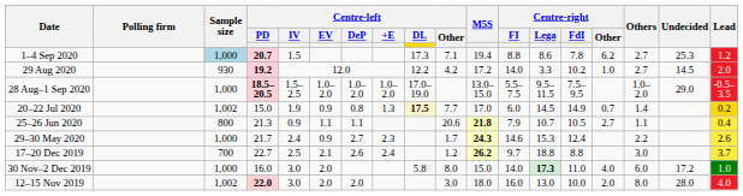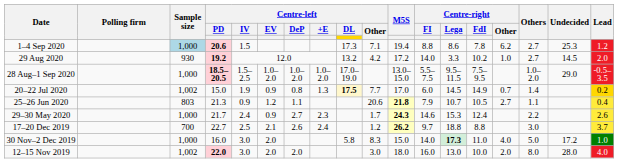 <table class="wikitable collapsible collapsed" style="text-align:center;font-size:85%;line-height:13px">
 <tr style="height:30px; background-color:#E9E9E9">
 <th rowspan="3" style="width:110px;">Date</th>
 <th rowspan="3" style="width:140px;">Polling firm</th>
 <th rowspan="3" style="width:50px;">Sample size</th>
 <th colspan="7" style="width:35px;"><a href='#'>Centre-left</a></th>
 <th rowspan="2" style="width:35px;"><a href='#'>M5S</a></th>
 <th colspan="4" style="width:35px;"><a href='#'>Centre-right</a></th>
 <th rowspan="3" style="width:35px;">Others</th>
 <th rowspan="3" style="width:35px;">Undecided</th>
 <th rowspan="3" style="width:25px;">Lead</th>
 </tr>
 <tr>
 <th style="width:35px;"><a href='#'>PD</a></th>
 <th style="width:35px;"><a href='#'>IV</a></th>
 <th style="width:35px;"><a href='#'>EV</a></th>
 <th style="width:35px;"><a href='#'>DeP</a></th>
 <th style="width:35px;"><a href='#'>+E</a></th>
 <th style="width:35px;"><a href='#'>DL</a></th>
 <th rowspan="2" style="width:35px;">Other</th>
 <th style="width:35px;"><a href='#'>FI</a></th>
 <th style="width:35px;"><a href='#'>Lega</a></th>
 <th style="width:35px;"><a href='#'>FdI</a></th>
 <th rowspan="2" style="width:35px;">Other</th>
 </tr>
 <tr>
 <th style="background:"></th>
 <th style="background:"></th>
 <th style="background:"></th>
 <th style="background:"></th>
 <th style="background:"></th>
 <th style="background:#FFD700;"></th>
 <th style="background:"></th>
 <th style="background:"></th>
 <th style="background:"></th>
 <th style="background:"></th>
 </tr>
 <tr>
 <td>1–4 Sep 2020</td>
 <td></td>
 <td style="background: lightblue;">1,000</td>
-<td style="background:#FFD0D7"><strong>20.7</strong></td>
+<td style="background:#FFD0D7"><strong>20.6</strong></td>
 <td>1.5</td>
 <td></td>
 <td></td>
 <td></td>
 <td>17.3</td>
 <td>7.1</td>
 <td>19.4</td>
 <td>8.8</td>
 <td>8.6</td>
 <td>7.8</td>
 <td>6.2</td>
 <td>2.7</td>
 <td>25.3</td>
 <td style="background:#EF1C27; color:white;">1.2</td>
 </tr>
 <tr>
 <td>29 Aug 2020</td>
 <td></td>
 <td>930</td>
 <td style="background:#FFD0D7"><strong>19.2</strong></td>
 <td colspan="4">12.0</td>
-<td>12.2</td>
+<td>13.2</td>
 <td>4.2</td>
 <td>17.2</td>
 <td>14.0</td>
 <td>3.3</td>
 <td>10.2</td>
 <td>1.0</td>
 <td>2.7</td>
 <td>14.5</td>
 <td style="background:#EF1C27; color:white;">2.0</td>
 </tr>
 <tr>
 <td>28 Aug–1 Sep 2020</td>
 <td></td>
 <td>1,000</td>
 <td style="background:#FFD0D7"><strong>18.5–20.5</strong></td>
 <td>1.5–2.5</td>
 <td>1.0–2.0</td>
 <td>1.0–2.0</td>
 <td>1.0–2.0</td>
 <td>17.0–19.0</td>
 <td></td>
 <td>13.0–15.0</td>
 <td>5.5–7.5</td>
 <td>9.5–11.5</td>
 <td>7.5–9.5</td>
 <td></td>
 <td>1.0–2.0</td>
 <td>29.0</td>
 <td style="background:#EF1C27; color:white;">-0.5–3.5</td>
 </tr>
 <tr>
 <td>20–22 Jul 2020</td>
 <td></td>
 <td>1,002</td>
 <td>15.0</td>
 <td>1.9</td>
 <td>0.9</td>
 <td>0.8</td>
 <td>1.3</td>
 <td style="background:#FFF7CC;"><strong>17.5</strong></td>
 <td>7.7</td>
 <td>17.0</td>
 <td>6.0</td>
 <td>14.5</td>
 <td>14.9</td>
 <td>0.7</td>
 <td>1.4</td>
 <td></td>
 <td style="background:#FFD700;">0.2</td>
 </tr>
 <tr>
 <td>25–26 Jun 2020</td>
 <td></td>
-<td>800</td>
+<td>803</td>
 <td>21.3</td>
 <td>0.9</td>
-<td>1.1</td>
+<td>1.2</td>
 <td>1.1</td>
 <td></td>
 <td></td>
 <td>20.6</td>
 <td style="background:#FFFFBF;"><strong>21.8</strong></td>
 <td>7.9</td>
 <td>10.7</td>
 <td>10.5</td>
 <td>2.7</td>
 <td>1.1</td>
 <td></td>
 <td style="background:#FFEB3B;">0.4</td>
 </tr>
 <tr>
 <td>29–30 May 2020</td>
 <td></td>
 <td>1,000</td>
 <td>21.7</td>
 <td>2.4</td>
 <td>0.9</td>
 <td>2.7</td>
 <td>2.3</td>
 <td></td>
 <td>1.7</td>
 <td style="background:#FFFFBF;"><strong>24.3</strong></td>
 <td>14.6</td>
 <td>15.3</td>
 <td>12.4</td>
 <td></td>
 <td>2.2</td>
 <td></td>
 <td style="background:#FFEB3B;">2.6</td>
 </tr>
 <tr>
 <td>17–20 Dec 2019</td>
 <td></td>
 <td>700</td>
 <td>22.7</td>
 <td>2.5</td>
 <td>2.1</td>
 <td>2.6</td>
 <td>2.4</td>
 <td></td>
 <td>1.2</td>
 <td style="background:#FFFFBF;"><strong>26.2</strong></td>
 <td>9.7</td>
 <td>18.8</td>
 <td>8.8</td>
 <td></td>
 <td>3.0</td>
 <td></td>
 <td style="background:#FFEB3B;">3.7</td>
 </tr>
 <tr>
 <td>30 Nov–2 Dec 2019</td>
 <td></td>
 <td>1,000</td>
 <td>16.0</td>
 <td>3.0</td>
 <td>2.0</td>
 <td></td>
 <td></td>
 <td>5.8</td>
-<td>8.0</td>
+<td>8.3</td>
 <td>15.0</td>
 <td>14.0</td>
 <td style="background:#D2EED9"><strong>17.3</strong></td>
 <td>11.0</td>
 <td>4.0</td>
-<td>6.0</td>
+<td>5.0</td>
 <td>17.2</td>
 <td style="background:#008000; color:white;">1.0</td>
 </tr>
 <tr>
 <td>12–15 Nov 2019</td>
 <td></td>
 <td>1,002</td>
 <td style="background:#FFD0D7"><strong>22.0</strong></td>
 <td>3.0</td>
 <td>2.0</td>
 <td>2.0</td>
 <td></td>
 <td></td>
 <td>3.0</td>
 <td>18.0</td>
 <td>16.0</td>
 <td>13.0</td>
 <td>10.0</td>
 <td>2.0</td>
 <td>8.0</td>
 <td>28.0</td>
 <td style="background:#EF1C27; color:white;">4.0</td>
 </tr>
 </table>
